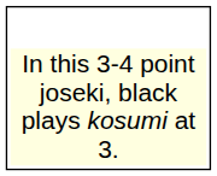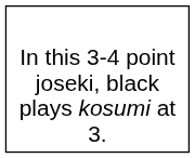 <table style="margin:1em;border: solid thin;width: 130px;float: right;">
 <tr>
 <td style="padding: 2px;"><br></td>
 </tr>
 <tr>
-<td style="background: lightyellow; text-align:center">In this 3-4 point joseki, black plays <em>kosumi</em> at 3.</td>
+<td style="text-align:center">In this 3-4 point joseki, black plays <em>kosumi</em> at 3.</td>
 </tr>
 </table>
